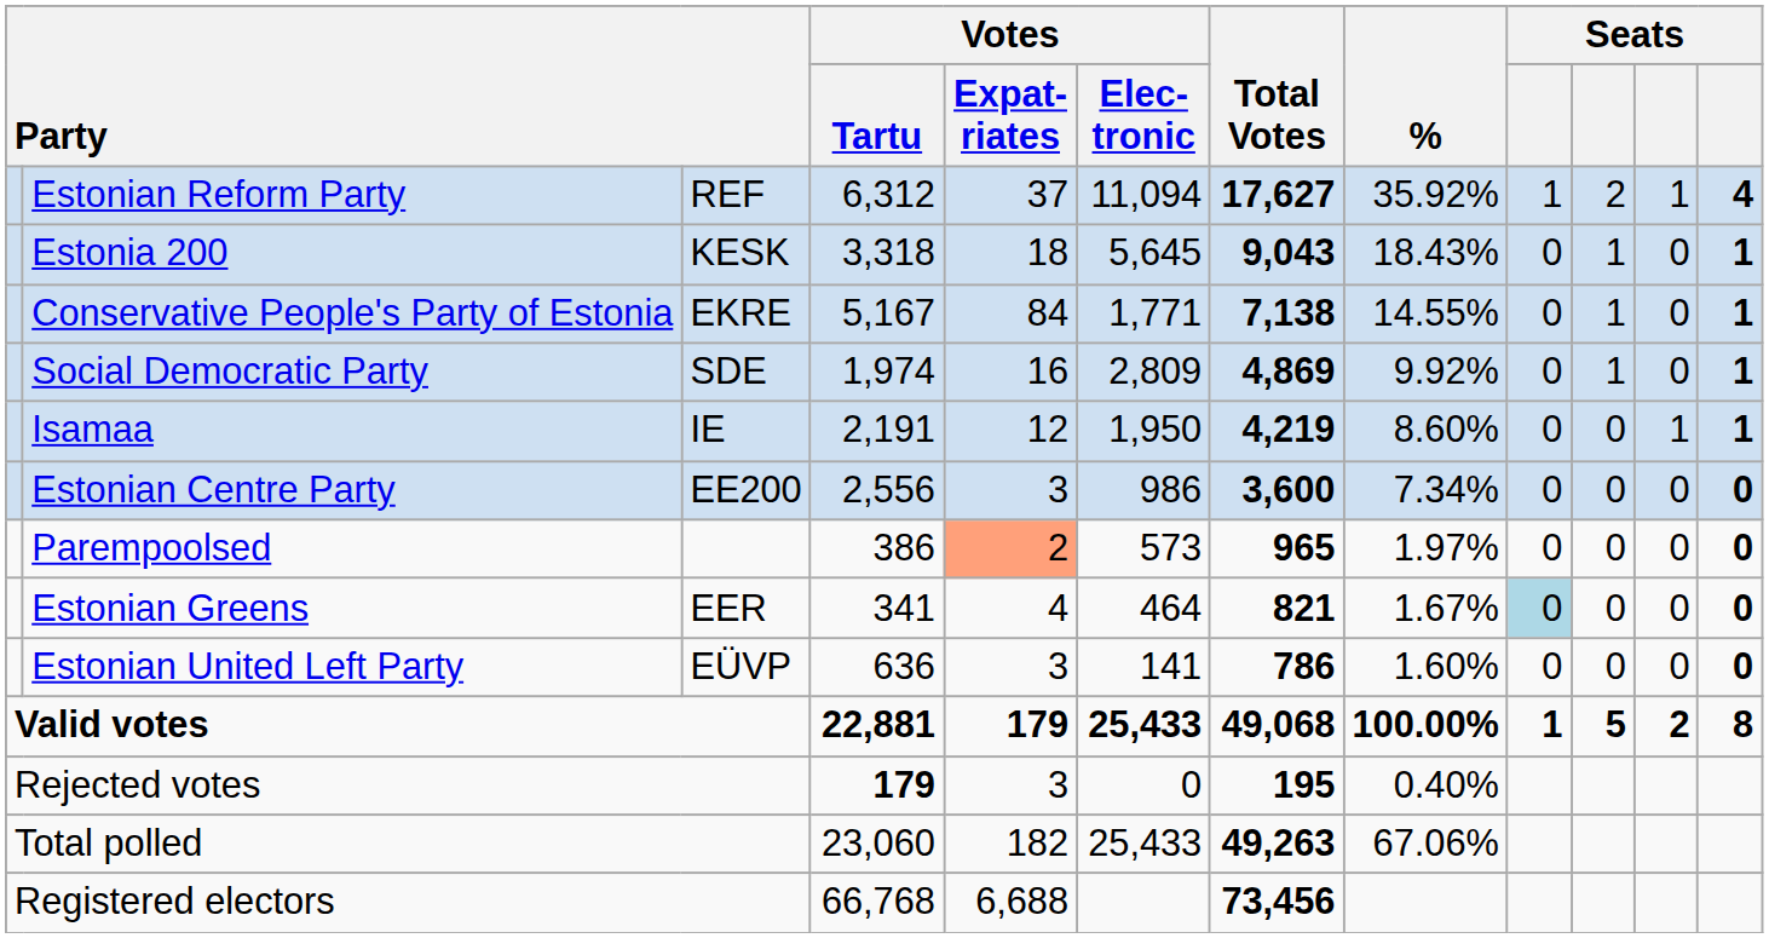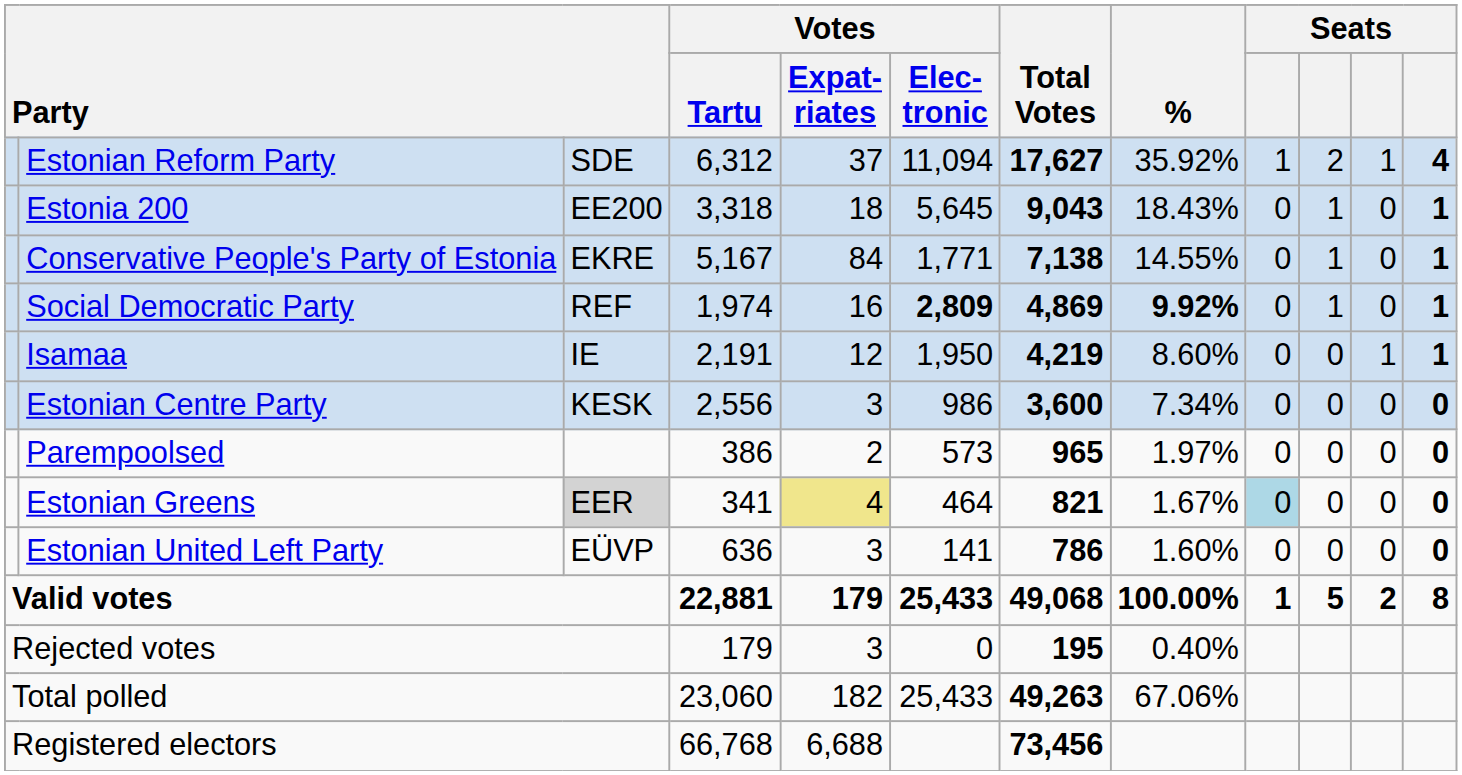 <table class="wikitable" border="1" style="text-align:right;">
 <tr>
 <th style="text-align:left;" valign=bottom rowspan=2 colspan=3>Party</th>
 <th colspan=3>Votes</th>
 <th align=center valign=bottom rowspan=2 width="50">Total Votes</th>
 <th align=center valign=bottom rowspan=2 width="50">%</th>
 <th colspan=4>Seats</th>
 </tr>
 <tr>
 <th align=center valign=bottom width="50"><a href='#'>Tartu</a></th>
 <th align=center valign=bottom width="50"><a href='#'>Expat- riates</a></th>
 <th align=center valign=bottom width="50"><a href='#'>Elec- tronic</a></th>
 <th align=center valign=bottom width="20"><small></small></th>
 <th align=center valign=bottom width="20"><small></small></th>
 <th align=center valign=bottom width="20"><small></small></th>
 <th align=center valign=bottom width="20"><small></small></th>
 </tr>
 <tr style="background:#CEE0F2;">
 <td style="background:"></td>
 <td align=left><a href='#'>Estonian Reform Party</a></td>
-<td align=left>REF</td>
+<td align=left>SDE</td>
 <td>6,312</td>
 <td>37</td>
 <td>11,094</td>
 <td><strong>17,627</strong></td>
 <td>35.92%</td>
 <td>1</td>
 <td>2</td>
 <td>1</td>
 <td><strong>4</strong></td>
 </tr>
 <tr style="background:#CEE0F2;">
 <td style="background:"></td>
 <td align=left><a href='#'>Estonia 200</a></td>
-<td align=left>KESK</td>
+<td align=left>EE200</td>
 <td>3,318</td>
 <td>18</td>
 <td>5,645</td>
 <td><strong>9,043</strong></td>
 <td>18.43%</td>
 <td>0</td>
 <td>1</td>
 <td>0</td>
 <td><strong>1</strong></td>
 </tr>
 <tr style="background:#CEE0F2;">
 <td style="background:"></td>
 <td align=left><a href='#'>Conservative People's Party of Estonia</a></td>
 <td align=left>EKRE</td>
 <td>5,167</td>
 <td>84</td>
 <td>1,771</td>
 <td><strong>7,138</strong></td>
 <td>14.55%</td>
 <td>0</td>
 <td>1</td>
 <td>0</td>
 <td><strong>1</strong></td>
 </tr>
 <tr style="background:#CEE0F2;">
 <td style="background:"></td>
 <td align=left><a href='#'>Social Democratic Party</a></td>
-<td align=left>SDE</td>
+<td align=left>REF</td>
 <td>1,974</td>
 <td>16</td>
-<td>2,809</td>
+<td><strong>2,809</strong></td>
 <td><strong>4,869</strong></td>
-<td>9.92%</td>
+<td><strong>9.92%</strong></td>
 <td>0</td>
 <td>1</td>
 <td>0</td>
 <td><strong>1</strong></td>
 </tr>
 <tr style="background:#CEE0F2;">
 <td style="background:"></td>
 <td align=left><a href='#'>Isamaa</a></td>
 <td align=left>IE</td>
 <td>2,191</td>
 <td>12</td>
 <td>1,950</td>
 <td><strong>4,219</strong></td>
 <td>8.60%</td>
 <td>0</td>
 <td>0</td>
 <td>1</td>
 <td><strong>1</strong></td>
 </tr>
 <tr style="background:#CEE0F2;">
 <td style="background:"></td>
 <td align=left><a href='#'>Estonian Centre Party</a></td>
-<td align=left>EE200</td>
+<td align=left>KESK</td>
 <td>2,556</td>
 <td>3</td>
 <td>986</td>
 <td><strong>3,600</strong></td>
 <td>7.34%</td>
 <td>0</td>
 <td>0</td>
 <td>0</td>
 <td><strong>0</strong></td>
 </tr>
 <tr>
 <td style="background:"></td>
 <td align=left><a href='#'>Parempoolsed</a></td>
 <td align=left></td>
 <td>386</td>
-<td style="background: lightsalmon;">2</td>
+<td>2</td>
 <td>573</td>
 <td><strong>965</strong></td>
 <td>1.97%</td>
 <td>0</td>
 <td>0</td>
 <td>0</td>
 <td><strong>0</strong></td>
 </tr>
 <tr>
 <td style="background:"></td>
 <td align=left><a href='#'>Estonian Greens</a></td>
-<td align=left>EER</td>
+<td align=left style="background: lightgrey;">EER</td>
 <td>341</td>
-<td>4</td>
+<td style="background: khaki;">4</td>
 <td>464</td>
 <td><strong>821</strong></td>
 <td>1.67%</td>
 <td style="background: lightblue;">0</td>
 <td>0</td>
 <td>0</td>
 <td><strong>0</strong></td>
 </tr>
 <tr>
 <td style="background:"></td>
 <td align=left><a href='#'>Estonian United Left Party</a></td>
 <td align=left>EÜVP</td>
 <td>636</td>
 <td>3</td>
 <td>141</td>
 <td><strong>786</strong></td>
 <td>1.60%</td>
 <td>0</td>
 <td>0</td>
 <td>0</td>
 <td><strong>0</strong></td>
 </tr>
 <tr style="font-weight:bold">
 <td align=left colspan=3>Valid votes</td>
 <td>22,881</td>
 <td>179</td>
 <td>25,433</td>
 <td>49,068</td>
 <td>100.00%</td>
 <td>1</td>
 <td>5</td>
 <td>2</td>
 <td>8</td>
 </tr>
 <tr>
 <td align=left colspan=3>Rejected votes</td>
-<td><strong>179</strong></td>
+<td>179</td>
 <td>3</td>
 <td>0</td>
 <td><strong>195</strong></td>
 <td>0.40%</td>
 <td></td>
 <td></td>
 <td></td>
 <td></td>
 </tr>
 <tr>
 <td align=left colspan=3>Total polled</td>
 <td>23,060</td>
 <td>182</td>
 <td>25,433</td>
 <td><strong>49,263</strong></td>
 <td>67.06%</td>
 <td></td>
 <td></td>
 <td></td>
 <td></td>
 </tr>
 <tr>
 <td align=left colspan=3>Registered electors</td>
 <td>66,768</td>
 <td>6,688</td>
 <td></td>
 <td><strong>73,456</strong></td>
 <td></td>
 <td></td>
 <td></td>
 <td></td>
 <td></td>
 </tr>
 </table>
